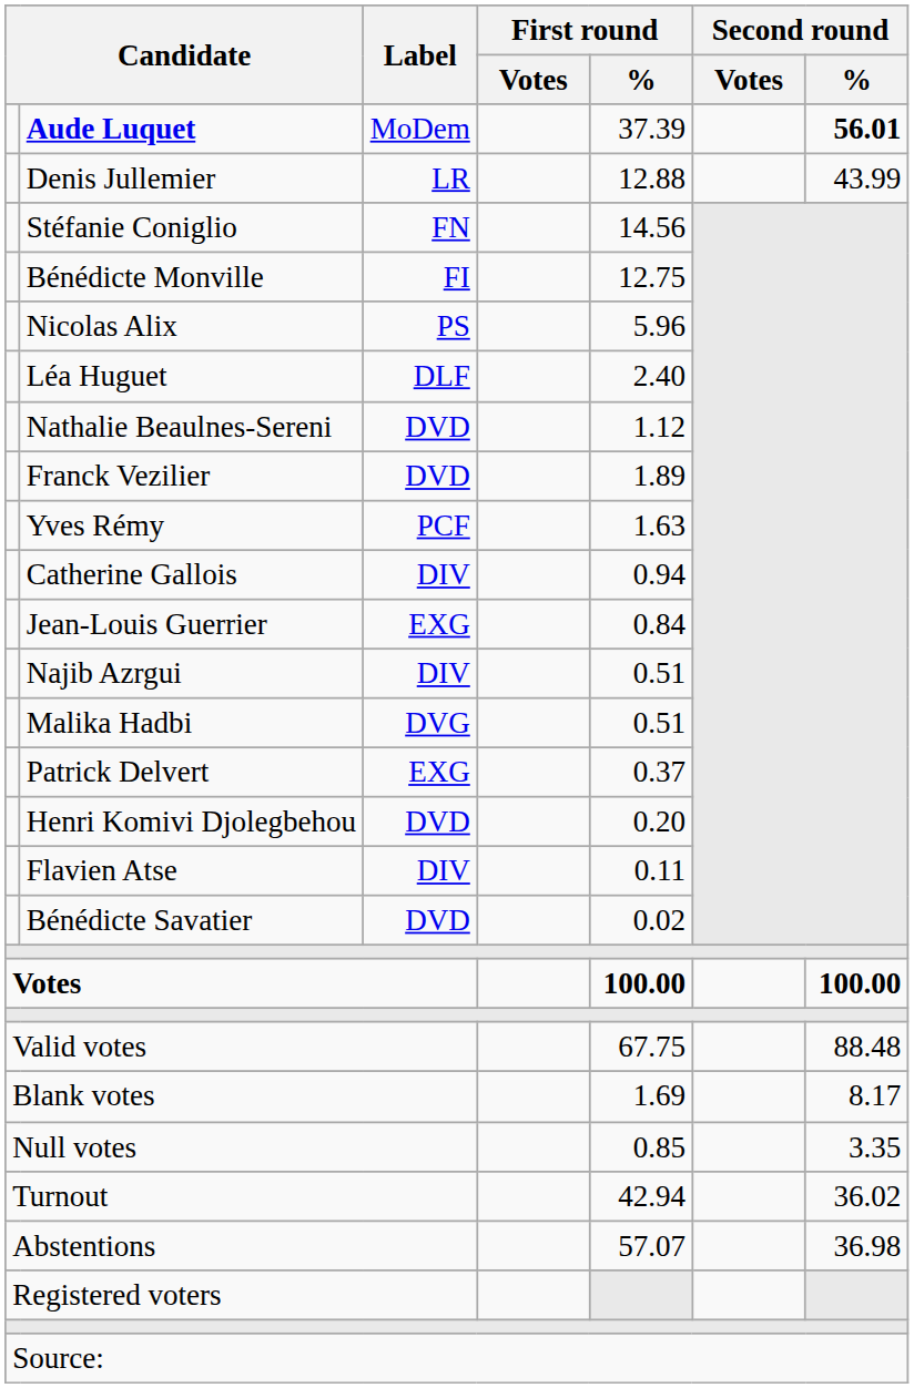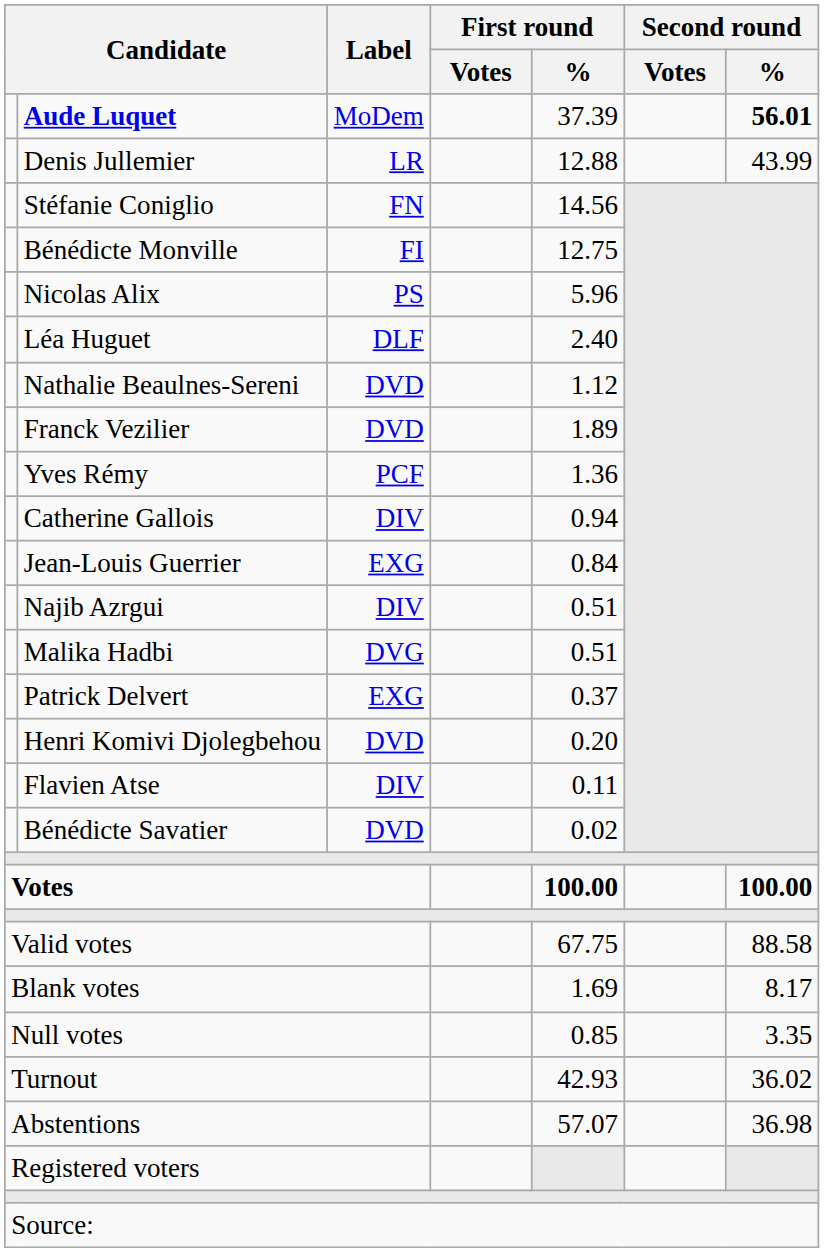 <table class="wikitable" style="text-align:right;font-size:95%;">
 <tr>
 <th rowspan="2" colspan="2">Candidate</th>
 <th rowspan="2">Label</th>
 <th colspan="2">First round</th>
 <th colspan="2">Second round</th>
 </tr>
 <tr>
 <th style="width:50px;">Votes</th>
 <th style="width:45px;">%</th>
 <th style="width:50px;">Votes</th>
 <th style="width:45px;">%</th>
 </tr>
 <tr>
 <td style="color:inherit;background:"></td>
 <td style="text-align:left;"><strong><a href='#'>Aude Luquet</a></strong></td>
 <td><a href='#'>MoDem</a></td>
 <td></td>
 <td>37.39</td>
 <td><strong></strong></td>
 <td><strong>56.01</strong></td>
 </tr>
 <tr>
 <td style="color:inherit;background:"></td>
 <td style="text-align:left;">Denis Jullemier</td>
 <td><a href='#'>LR</a></td>
 <td></td>
 <td>12.88</td>
 <td></td>
 <td>43.99</td>
 </tr>
 <tr>
 <td style="color:inherit;background:"></td>
 <td style="text-align:left;">Stéfanie Coniglio</td>
 <td><a href='#'>FN</a></td>
 <td></td>
 <td>14.56</td>
 <td colspan="2" rowspan="15" style="background:#E9E9E9;"></td>
 </tr>
 <tr>
 <td style="color:inherit;background:"></td>
 <td style="text-align:left;">Bénédicte Monville</td>
 <td><a href='#'>FI</a></td>
 <td></td>
 <td>12.75</td>
 </tr>
 <tr>
 <td style="color:inherit;background:"></td>
 <td style="text-align:left;">Nicolas Alix</td>
 <td><a href='#'>PS</a></td>
 <td></td>
 <td>5.96</td>
 </tr>
 <tr>
 <td style="color:inherit;background:"></td>
 <td style="text-align:left;">Léa Huguet</td>
 <td><a href='#'>DLF</a></td>
 <td></td>
 <td>2.40</td>
 </tr>
 <tr>
 <td style="color:inherit;background:"></td>
 <td style="text-align:left;">Nathalie Beaulnes-Sereni</td>
 <td><a href='#'>DVD</a></td>
 <td></td>
 <td>1.12</td>
 </tr>
 <tr>
 <td style="color:inherit;background:"></td>
 <td style="text-align:left;">Franck Vezilier</td>
 <td><a href='#'>DVD</a></td>
 <td></td>
 <td>1.89</td>
 </tr>
 <tr>
 <td style="color:inherit;background:"></td>
 <td style="text-align:left;">Yves Rémy</td>
 <td><a href='#'>PCF</a></td>
 <td></td>
-<td>1.63</td>
+<td>1.36</td>
 </tr>
 <tr>
 <td style="color:inherit;background:"></td>
 <td style="text-align:left;">Catherine Gallois</td>
 <td><a href='#'>DIV</a></td>
 <td></td>
 <td>0.94</td>
 </tr>
 <tr>
 <td style="color:inherit;background:"></td>
 <td style="text-align:left;">Jean-Louis Guerrier</td>
 <td><a href='#'>EXG</a></td>
 <td></td>
 <td>0.84</td>
 </tr>
 <tr>
 <td style="color:inherit;background:"></td>
 <td style="text-align:left;">Najib Azrgui</td>
 <td><a href='#'>DIV</a></td>
 <td></td>
 <td>0.51</td>
 </tr>
 <tr>
 <td style="color:inherit;background:"></td>
 <td style="text-align:left;">Malika Hadbi</td>
 <td><a href='#'>DVG</a></td>
 <td></td>
 <td>0.51</td>
 </tr>
 <tr>
 <td style="color:inherit;background:"></td>
 <td style="text-align:left;">Patrick Delvert</td>
 <td><a href='#'>EXG</a></td>
 <td></td>
 <td>0.37</td>
 </tr>
 <tr>
 <td style="color:inherit;background:"></td>
 <td style="text-align:left;">Henri Komivi Djolegbehou</td>
 <td><a href='#'>DVD</a></td>
 <td></td>
 <td>0.20</td>
 </tr>
 <tr>
 <td style="color:inherit;background:"></td>
 <td style="text-align:left;">Flavien Atse</td>
 <td><a href='#'>DIV</a></td>
 <td></td>
 <td>0.11</td>
 </tr>
 <tr>
 <td style="color:inherit;background:"></td>
 <td style="text-align:left;">Bénédicte Savatier</td>
 <td><a href='#'>DVD</a></td>
 <td></td>
 <td>0.02</td>
 </tr>
 <tr>
 <td colspan="7" style="background:#E9E9E9;"></td>
 </tr>
 <tr style="font-weight:bold;">
 <td colspan="3" style="text-align:left;">Votes</td>
 <td></td>
 <td>100.00</td>
 <td></td>
 <td>100.00</td>
 </tr>
 <tr>
 <td colspan="7" style="background:#E9E9E9;"></td>
 </tr>
 <tr>
 <td colspan="3" style="text-align:left;">Valid votes</td>
 <td></td>
 <td>67.75</td>
 <td></td>
-<td>88.48</td>
+<td>88.58</td>
 </tr>
 <tr>
 <td colspan="3" style="text-align:left;">Blank votes</td>
 <td></td>
 <td>1.69</td>
 <td></td>
 <td>8.17</td>
 </tr>
 <tr>
 <td colspan="3" style="text-align:left;">Null votes</td>
 <td></td>
 <td>0.85</td>
 <td></td>
 <td>3.35</td>
 </tr>
 <tr>
 <td colspan="3" style="text-align:left;">Turnout</td>
 <td></td>
-<td>42.94</td>
+<td>42.93</td>
 <td></td>
 <td>36.02</td>
 </tr>
 <tr>
 <td colspan="3" style="text-align:left;">Abstentions</td>
 <td></td>
 <td>57.07</td>
 <td></td>
 <td>36.98</td>
 </tr>
 <tr>
 <td colspan="3" style="text-align:left;">Registered voters</td>
 <td></td>
 <td style="color:inherit;background:#E9E9E9;"></td>
 <td></td>
 <td style="color:inherit;background:#E9E9E9;"></td>
 </tr>
 <tr>
 <td colspan="7" style="background:#E9E9E9;"></td>
 </tr>
 <tr>
 <td colspan="7" style="text-align:left;">Source: </td>
 </tr>
 </table>
